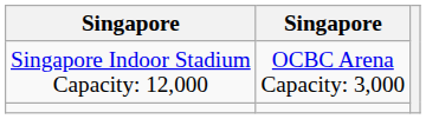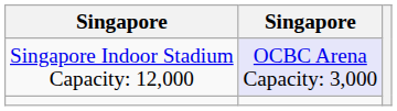 <table class="wikitable" style="text-align:center;">
 <tr>
 <th>Singapore</th>
 <th>Singapore</th>
 <th rowspan=9></th>
 </tr>
 <tr>
 <td><a href='#'>Singapore Indoor Stadium</a><br>Capacity: 12,000</td>
-<td><a href='#'>OCBC Arena</a><br>Capacity: 3,000</td>
+<td style="background: lavender;"><a href='#'>OCBC Arena</a><br>Capacity: 3,000</td>
 </tr>
 <tr>
 <td></td>
 <td></td>
 </tr>
 </table>
